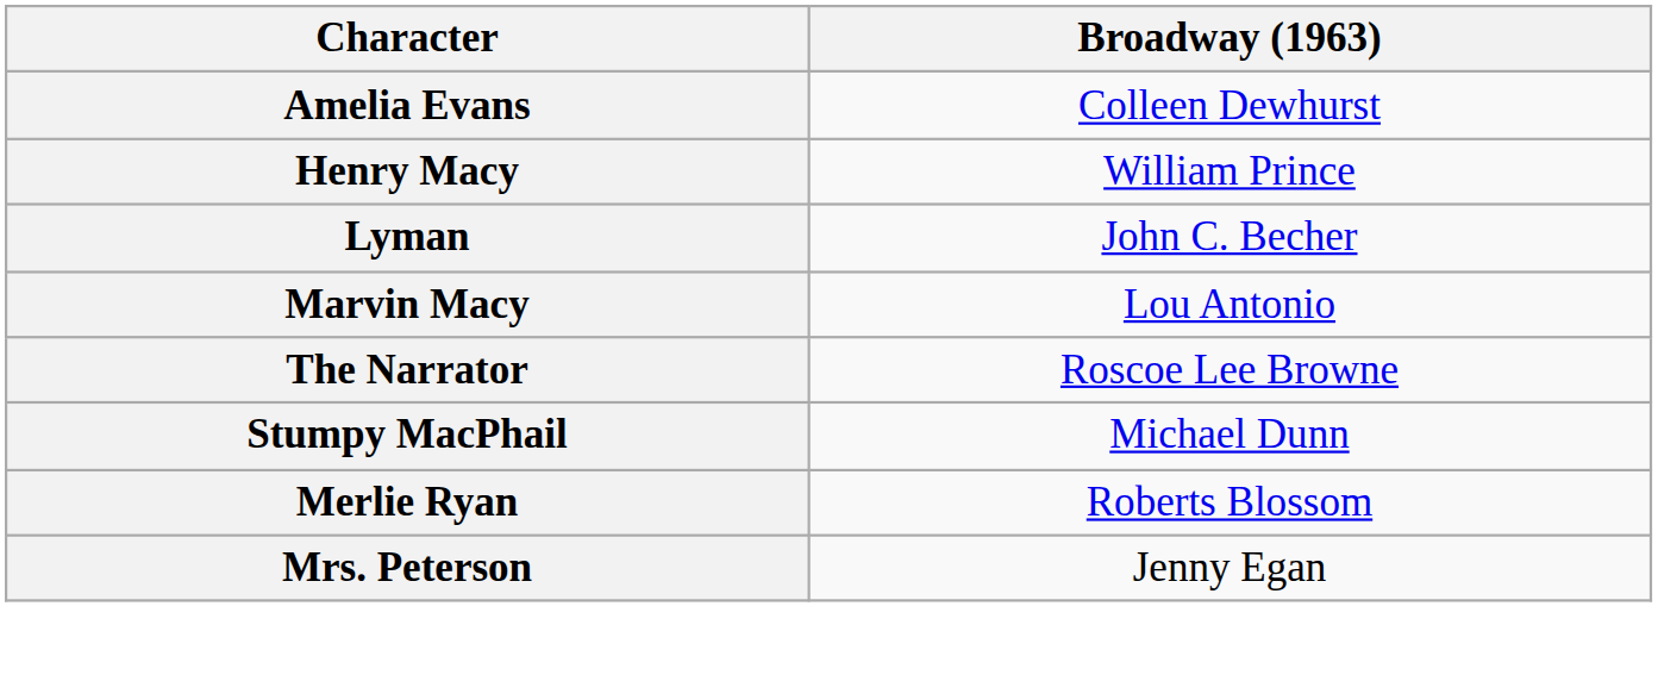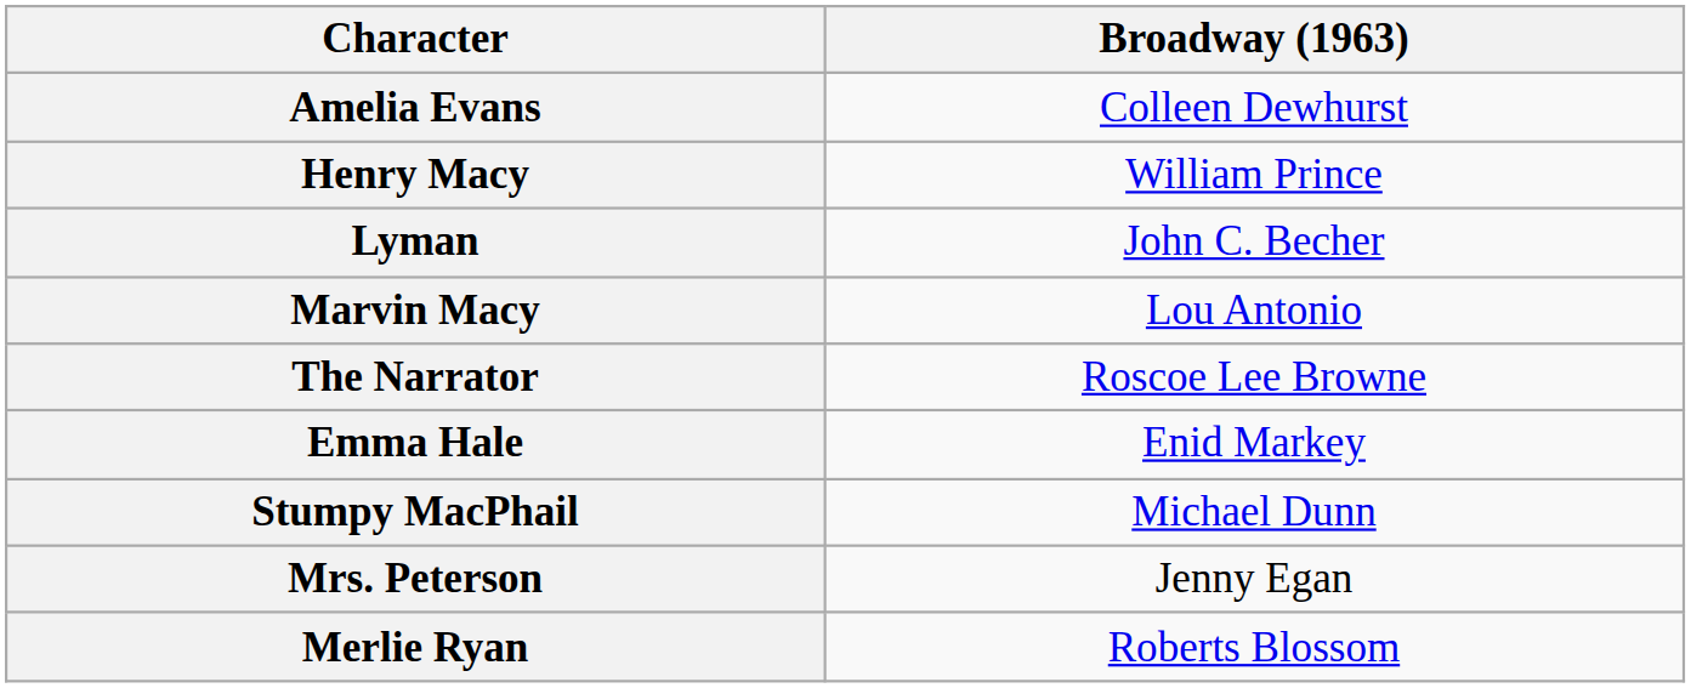 <table class="wikitable" style="width:50%; text-align:center">
 <tr>
 <th scope="col">Character</th>
 <th>Broadway (1963)</th>
 </tr>
 <tr>
 <th>Amelia Evans</th>
 <td colspan="1"><a href='#'>Colleen Dewhurst</a></td>
 </tr>
 <tr>
 <th>Henry Macy</th>
 <td colspan="1”"><a href='#'>William Prince</a></td>
 </tr>
 <tr>
 <th>Lyman</th>
 <td colspan="1"><a href='#'>John C. Becher</a></td>
 </tr>
 <tr>
 <th>Marvin Macy</th>
 <td colspan="1”"><a href='#'>Lou Antonio</a></td>
 </tr>
 <tr>
 <th>The Narrator</th>
 <td colspan="1"><a href='#'>Roscoe Lee Browne</a></td>
 </tr>
 <tr>
+<th>Emma Hale</th>
+<td colspan="1"><a href='#'>Enid Markey</a></td>
+</tr>
+<tr>
 <th>Stumpy MacPhail</th>
 <td colspan="1"><a href='#'>Michael Dunn</a></td>
+</tr>
+<tr>
+<th>Mrs. Peterson</th>
+<td colspan="1">Jenny Egan</td>
 </tr>
 <tr>
 <th>Merlie Ryan</th>
 <td colspan="1"><a href='#'>Roberts Blossom</a></td>
 </tr>
-<tr>
-<th>Mrs. Peterson</th>
-<td colspan="1">Jenny Egan</td>
-</tr>
 </table>
